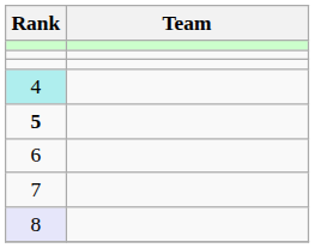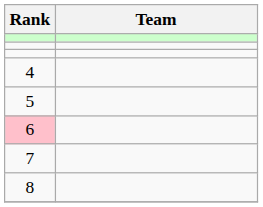 <table class="wikitable" style="text-align: center; font-size:90% ">
 <tr>
 <th width=35>Rank</th>
 <th width=160>Team</th>
 </tr>
 <tr bgcolor=#ccffcc>
 <td></td>
 <td align="left"></td>
 </tr>
 <tr>
 <td></td>
 <td align="left"></td>
 </tr>
 <tr>
 <td></td>
 <td align="left"></td>
 </tr>
 <tr>
-<td style="background: paleturquoise;">4</td>
+<td>4</td>
 <td align="left"></td>
 </tr>
 <tr>
-<td><strong>5</strong></td>
+<td>5</td>
 <td align="left"></td>
 </tr>
 <tr>
-<td>6</td>
+<td style="background: pink;">6</td>
 <td align="left"></td>
 </tr>
 <tr>
 <td>7</td>
 <td align="left"></td>
 </tr>
 <tr>
-<td style="background: lavender;">8</td>
+<td>8</td>
 <td align="left"></td>
 </tr>
 <tr>
 </tr>
 </table>
